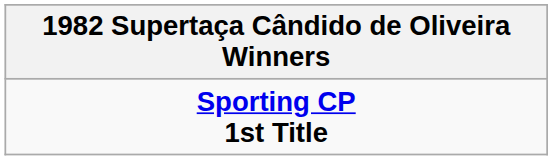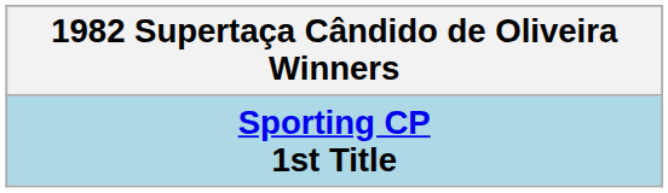 <table class="wikitable" style="text-align: center; margin: 0 auto; width: 20%">
 <tr>
 <th>1982 Supertaça Cândido de Oliveira Winners</th>
 </tr>
 <tr>
-<td><strong><a href='#'>Sporting CP</a></strong><br><strong>1st Title</strong></td>
+<td style="background: lightblue;"><strong><a href='#'>Sporting CP</a></strong><br><strong>1st Title</strong></td>
 </tr>
 </table>
